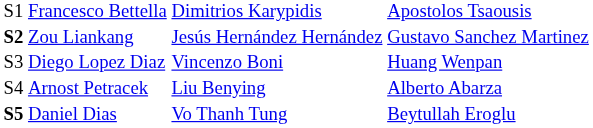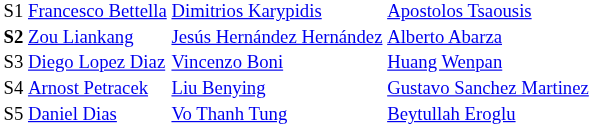 <table>
 <tr>
 <td>S1</td>
 <td><a href='#'>Francesco Bettella</a><br></td>
 <td><a href='#'>Dimitrios Karypidis</a><br></td>
 <td><a href='#'>Apostolos Tsaousis</a><br></td>
 </tr>
 <tr>
 <td><strong>S2</strong></td>
 <td><a href='#'>Zou Liankang</a><br></td>
 <td><a href='#'>Jesús Hernández Hernández</a><br></td>
-<td><a href='#'>Gustavo Sanchez Martinez</a><br></td>
+<td><a href='#'>Alberto Abarza</a><br></td>
 </tr>
 <tr>
 <td>S3</td>
 <td><a href='#'>Diego Lopez Diaz</a><br></td>
 <td><a href='#'>Vincenzo Boni</a><br></td>
 <td><a href='#'>Huang Wenpan</a><br></td>
 </tr>
 <tr>
 <td>S4</td>
 <td><a href='#'>Arnost Petracek</a><br></td>
 <td><a href='#'>Liu Benying</a><br></td>
-<td><a href='#'>Alberto Abarza</a><br></td>
+<td><a href='#'>Gustavo Sanchez Martinez</a><br></td>
 </tr>
 <tr>
-<td><strong>S5</strong></td>
+<td>S5</td>
 <td><a href='#'>Daniel Dias</a><br></td>
 <td><a href='#'>Vo Thanh Tung</a><br></td>
 <td><a href='#'>Beytullah Eroglu</a><br></td>
 </tr>
 </table>
